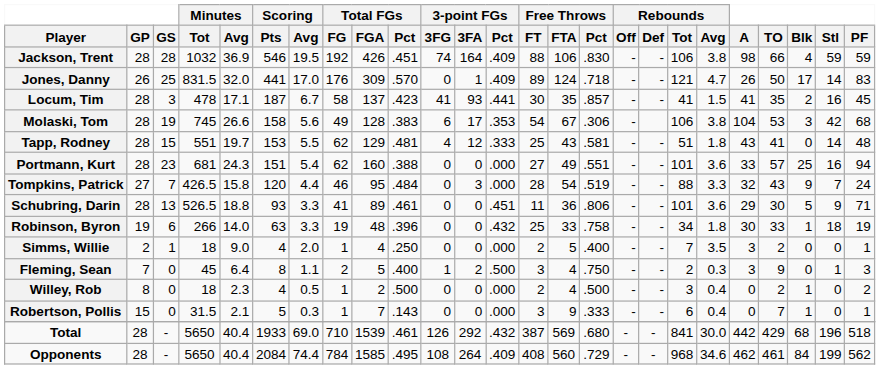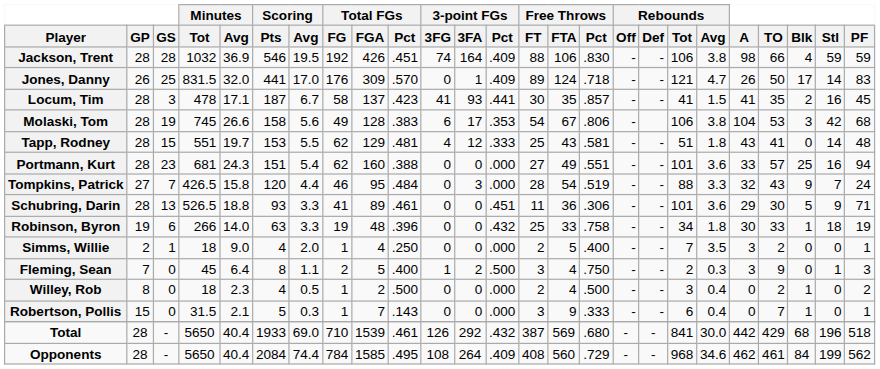 <table class="wikitable sortable" border="1" style="font-size:70%;">
 <tr>
 <th colspan="3" style="border-top-style:hidden; border-left-style:hidden; background: white;"></th>
 <th colspan="2">Minutes</th>
 <th colspan="2">Scoring</th>
 <th colspan="3">Total FGs</th>
 <th colspan="3">3-point FGs</th>
 <th colspan="3">Free Throws</th>
 <th colspan="4">Rebounds</th>
 <th colspan="5" style="border-top-style:hidden; border-right-style:hidden; background: white;"></th>
 </tr>
 <tr>
 <th scope="col">Player</th>
 <th scope="col">GP</th>
 <th scope="col">GS</th>
 <th scope="col">Tot</th>
 <th scope="col">Avg</th>
 <th scope="col">Pts</th>
 <th scope="col">Avg</th>
 <th scope="col">FG</th>
 <th scope="col">FGA</th>
 <th scope="col">Pct</th>
 <th scope="col">3FG</th>
 <th scope="col">3FA</th>
 <th scope="col">Pct</th>
 <th scope="col">FT</th>
 <th scope="col">FTA</th>
 <th scope="col">Pct</th>
 <th scope="col">Off</th>
 <th scope="col">Def</th>
 <th scope="col">Tot</th>
 <th scope="col">Avg</th>
 <th scope="col">A</th>
 <th scope="col">TO</th>
 <th scope="col">Blk</th>
 <th scope="col">Stl</th>
 <th scope="col">PF</th>
 </tr>
 <tr>
 <th style="white-space:nowrap">Jackson, Trent</th>
 <td align="right">28</td>
 <td align="right">28</td>
 <td align="right">1032</td>
 <td align="right">36.9</td>
 <td align="right">546</td>
 <td align="right">19.5</td>
 <td align="right">192</td>
 <td align="right">426</td>
 <td align="right">.451</td>
 <td align="right">74</td>
 <td align="right">164</td>
 <td align="center">.409</td>
 <td align="right">88</td>
 <td align="right">106</td>
 <td align="right">.830</td>
 <td align="right">-</td>
 <td align="right">-</td>
 <td align="right">106</td>
 <td align="right">3.8</td>
 <td align="right">98</td>
 <td align="right">66</td>
 <td align="right">4</td>
 <td align="right">59</td>
 <td align="right">59</td>
 </tr>
 <tr>
 <th style="white-space:nowrap">Jones, Danny</th>
 <td align="right">26</td>
 <td align="right">25</td>
 <td align="right">831.5</td>
 <td align="right">32.0</td>
 <td align="right">441</td>
 <td align="right">17.0</td>
 <td align="right">176</td>
 <td align="right">309</td>
 <td align="right">.570</td>
 <td align="right">0</td>
 <td align="right">1</td>
 <td align="center">.409</td>
 <td align="right">89</td>
 <td align="right">124</td>
 <td align="right">.718</td>
 <td align="right">-</td>
 <td align="right">-</td>
 <td align="right">121</td>
 <td align="right">4.7</td>
 <td align="right">26</td>
 <td align="right">50</td>
 <td align="right">17</td>
 <td align="right">14</td>
 <td align="right">83</td>
 </tr>
 <tr>
 <th style="white-space:nowrap">Locum, Tim</th>
 <td align="right">28</td>
 <td align="right">3</td>
 <td align="right">478</td>
 <td align="right">17.1</td>
 <td align="right">187</td>
 <td align="right">6.7</td>
 <td align="right">58</td>
 <td align="right">137</td>
 <td align="right">.423</td>
 <td align="right">41</td>
 <td align="right">93</td>
 <td align="right">.441</td>
 <td align="right">30</td>
 <td align="right">35</td>
 <td align="right">.857</td>
 <td align="right">-</td>
 <td align="right">-</td>
 <td align="right">41</td>
 <td align="right">1.5</td>
 <td align="right">41</td>
 <td align="right">35</td>
 <td align="right">2</td>
 <td align="right">16</td>
 <td align="right">45</td>
 </tr>
 <tr>
 <th style="white-space:nowrap">Molaski, Tom</th>
 <td align="right">28</td>
 <td align="right">19</td>
 <td align="right">745</td>
 <td align="right">26.6</td>
 <td align="right">158</td>
 <td align="right">5.6</td>
 <td align="right">49</td>
 <td align="right">128</td>
 <td align="right">.383</td>
 <td align="right">6</td>
 <td align="right">17</td>
 <td align="right">.353</td>
 <td align="right">54</td>
 <td align="right">67</td>
-<td align="right">.306</td>
+<td align="right">.806</td>
 <td align="right">-</td>
 <td align="right"></td>
 <td align="right">106</td>
 <td align="right">3.8</td>
 <td align="right">104</td>
 <td align="right">53</td>
 <td align="right">3</td>
 <td align="right">42</td>
 <td align="right">68</td>
 </tr>
 <tr>
 <th style="white-space:nowrap">Tapp, Rodney</th>
 <td align="right">28</td>
 <td align="right">15</td>
 <td align="right">551</td>
 <td align="right">19.7</td>
 <td align="right">153</td>
 <td align="right">5.5</td>
 <td align="right">62</td>
 <td align="right">129</td>
 <td align="right">.481</td>
 <td align="right">4</td>
 <td align="right">12</td>
 <td align="right">.333</td>
 <td align="right">25</td>
 <td align="right">43</td>
 <td align="right">.581</td>
 <td align="right">-</td>
 <td align="right">-</td>
 <td align="right">51</td>
 <td align="right">1.8</td>
 <td align="right">43</td>
 <td align="right">41</td>
 <td align="right">0</td>
 <td align="right">14</td>
 <td align="right">48</td>
 </tr>
 <tr>
 <th style="white-space:nowrap">Portmann, Kurt</th>
 <td align="right">28</td>
 <td align="right">23</td>
 <td align="right">681</td>
 <td align="right">24.3</td>
 <td align="right">151</td>
 <td align="right">5.4</td>
 <td align="right">62</td>
 <td align="right">160</td>
 <td align="right">.388</td>
 <td align="right">0</td>
 <td align="right">0</td>
 <td align="right">.000</td>
 <td align="right">27</td>
 <td align="right">49</td>
 <td align="right">.551</td>
 <td align="right">-</td>
 <td align="right">-</td>
 <td align="right">101</td>
 <td align="right">3.6</td>
 <td align="right">33</td>
 <td align="right">57</td>
 <td align="right">25</td>
 <td align="right">16</td>
 <td align="right">94</td>
 </tr>
 <tr>
 <th style="white-space:nowrap">Tompkins, Patrick</th>
 <td align="right">27</td>
 <td align="right">7</td>
 <td align="right">426.5</td>
 <td align="right">15.8</td>
 <td align="right">120</td>
 <td align="right">4.4</td>
 <td align="right">46</td>
 <td align="right">95</td>
 <td align="right">.484</td>
 <td align="right">0</td>
 <td align="right">3</td>
 <td align="right">.000</td>
 <td align="right">28</td>
 <td align="right">54</td>
 <td align="right">.519</td>
 <td align="right">-</td>
 <td align="right">-</td>
 <td align="right">88</td>
 <td align="right">3.3</td>
 <td align="right">32</td>
 <td align="right">43</td>
 <td align="right">9</td>
 <td align="right">7</td>
 <td align="right">24</td>
 </tr>
 <tr>
 <th style="white-space:nowrap">Schubring, Darin</th>
 <td align="right">28</td>
 <td align="right">13</td>
 <td align="right">526.5</td>
 <td align="right">18.8</td>
 <td align="right">93</td>
 <td align="right">3.3</td>
 <td align="right">41</td>
 <td align="right">89</td>
 <td align="right">.461</td>
 <td align="right">0</td>
 <td align="right">0</td>
 <td align="right">.451</td>
 <td align="right">11</td>
 <td align="right">36</td>
-<td align="right">.806</td>
+<td align="right">.306</td>
 <td align="right">-</td>
 <td align="right">-</td>
 <td align="right">101</td>
 <td align="right">3.6</td>
 <td align="right">29</td>
 <td align="right">30</td>
 <td align="right">5</td>
 <td align="right">9</td>
 <td align="right">71</td>
 </tr>
 <tr>
 <th style="white-space:nowrap">Robinson, Byron</th>
 <td align="right">19</td>
 <td align="right">6</td>
 <td align="right">266</td>
 <td align="right">14.0</td>
 <td align="right">63</td>
 <td align="right">3.3</td>
 <td align="right">19</td>
 <td align="right">48</td>
 <td align="right">.396</td>
 <td align="right">0</td>
 <td align="right">0</td>
 <td align="center">.432</td>
 <td align="right">25</td>
 <td align="right">33</td>
 <td align="right">.758</td>
 <td align="right">-</td>
 <td align="right">-</td>
 <td align="right">34</td>
 <td align="right">1.8</td>
 <td align="right">30</td>
 <td align="right">33</td>
 <td align="right">1</td>
 <td align="right">18</td>
 <td align="right">19</td>
 </tr>
 <tr>
 <th style="white-space:nowrap">Simms, Willie</th>
 <td align="right">2</td>
 <td align="right">1</td>
 <td align="right">18</td>
 <td align="right">9.0</td>
 <td align="right">4</td>
 <td align="right">2.0</td>
 <td align="right">1</td>
 <td align="right">4</td>
 <td align="right">.250</td>
 <td align="right">0</td>
 <td align="right">0</td>
 <td align="right">.000</td>
 <td align="right">2</td>
 <td align="right">5</td>
 <td align="right">.400</td>
 <td align="right">-</td>
 <td align="right">-</td>
 <td align="right">7</td>
 <td align="right">3.5</td>
 <td align="right">3</td>
 <td align="right">2</td>
 <td align="right">0</td>
 <td align="right">0</td>
 <td align="right">1</td>
 </tr>
 <tr>
 <th style="white-space:nowrap">Fleming, Sean</th>
 <td align="right">7</td>
 <td align="right">0</td>
 <td align="right">45</td>
 <td align="right">6.4</td>
 <td align="right">8</td>
 <td align="right">1.1</td>
 <td align="right">2</td>
 <td align="right">5</td>
 <td align="right">.400</td>
 <td align="right">1</td>
 <td align="right">2</td>
 <td align="right">.500</td>
 <td align="right">3</td>
 <td align="right">4</td>
 <td align="right">.750</td>
 <td align="right">-</td>
 <td align="right">-</td>
 <td align="right">2</td>
 <td align="right">0.3</td>
 <td align="right">3</td>
 <td align="right">9</td>
 <td align="right">0</td>
 <td align="right">1</td>
 <td align="right">3</td>
 </tr>
 <tr>
 <th style="white-space:nowrap">Willey, Rob</th>
 <td align="right">8</td>
 <td align="right">0</td>
 <td align="right">18</td>
 <td align="right">2.3</td>
 <td align="right">4</td>
 <td align="right">0.5</td>
 <td align="right">1</td>
 <td align="right">2</td>
 <td align="right">.500</td>
 <td align="right">0</td>
 <td align="right">0</td>
 <td align="right">.000</td>
 <td align="right">2</td>
 <td align="right">4</td>
 <td align="right">.500</td>
 <td align="right">-</td>
 <td align="right">-</td>
 <td align="right">3</td>
 <td align="right">0.4</td>
 <td align="right">0</td>
 <td align="right">2</td>
 <td align="right">1</td>
 <td align="right">0</td>
 <td align="right">2</td>
 </tr>
 <tr>
 <th style="white-space:nowrap">Robertson, Pollis</th>
 <td align="right">15</td>
 <td align="right">0</td>
 <td align="right">31.5</td>
 <td align="right">2.1</td>
 <td align="right">5</td>
 <td align="right">0.3</td>
 <td align="right">1</td>
 <td align="right">7</td>
 <td align="right">.143</td>
 <td align="right">0</td>
 <td align="right">0</td>
 <td align="right">.000</td>
 <td align="right">3</td>
 <td align="right">9</td>
 <td align="right">.333</td>
 <td align="right">-</td>
 <td align="right">-</td>
 <td align="right">6</td>
 <td align="right">0.4</td>
 <td align="right">0</td>
 <td align="right">7</td>
 <td align="right">1</td>
 <td align="right">0</td>
 <td align="right">1</td>
 </tr>
 <tr>
 </tr>
 <tr class="sortbottom">
 <td align="center"><strong>Total</strong></td>
 <td align="center">28</td>
 <td align="center">-</td>
 <td align="center">5650</td>
 <td align="center">40.4</td>
 <td align="center">1933</td>
 <td align="center">69.0</td>
 <td align="center">710</td>
 <td align="center">1539</td>
 <td align="center">.461</td>
 <td align="center">126</td>
 <td align="center">292</td>
 <td align="center">.432</td>
 <td align="center">387</td>
 <td align="center">569</td>
 <td align="center">.680</td>
 <td align="center">-</td>
 <td align="center">-</td>
 <td align="center">841</td>
 <td align="center">30.0</td>
 <td align="center">442</td>
 <td align="center">429</td>
 <td align="center">68</td>
 <td align="center">196</td>
 <td align="center">518</td>
 </tr>
 <tr class="sortbottom">
 <td align="center"><strong>Opponents</strong></td>
 <td align="center">28</td>
 <td align="center">-</td>
 <td align="center">5650</td>
 <td align="center">40.4</td>
 <td align="center">2084</td>
 <td align="center">74.4</td>
 <td align="center">784</td>
 <td align="center">1585</td>
 <td align="center">.495</td>
 <td align="center">108</td>
 <td align="center">264</td>
 <td align="center">.409</td>
 <td align="center">408</td>
 <td align="center">560</td>
 <td align="center">.729</td>
 <td align="center">-</td>
 <td align="center">-</td>
 <td align="center">968</td>
 <td align="center">34.6</td>
 <td align="center">462</td>
 <td align="center">461</td>
 <td align="center">84</td>
 <td align="center">199</td>
 <td align="center">562</td>
 </tr>
 </table>
